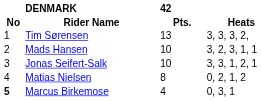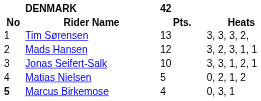 <table class="toccolours">
 <tr>
 <td></td>
 <td><strong>DENMARK</strong></td>
 <td><strong>42</strong></td>
 </tr>
 <tr style="background-color:">
 <th width=30px>No</th>
 <th width=210px>Rider Name</th>
 <th width=70px>Pts.</th>
 <th width=110px>Heats</th>
 </tr>
 <tr style="background-color:">
 <td>1</td>
 <td><a href='#'>Tim Sørensen</a></td>
 <td>13</td>
 <td>3, 3, 3, 2,</td>
 </tr>
 <tr style="background-color:">
 <td>2</td>
 <td><a href='#'>Mads Hansen</a></td>
-<td>10</td>
+<td>12</td>
 <td>3, 2, 3, 1, 1</td>
 </tr>
 <tr style="background-color:">
 <td>3</td>
 <td><a href='#'>Jonas Seifert-Salk</a></td>
 <td>10</td>
 <td>3, 3, 1, 2, 1</td>
 </tr>
 <tr style="background-color:">
 <td>4</td>
 <td><a href='#'>Matias Nielsen</a></td>
-<td>8</td>
+<td>5</td>
 <td>0, 2, 1, 2</td>
 </tr>
 <tr style="background-color:">
 <td><strong>5</strong></td>
 <td><a href='#'>Marcus Birkemose</a></td>
 <td>4</td>
 <td>0, 3, 1</td>
 </tr>
 </table>
